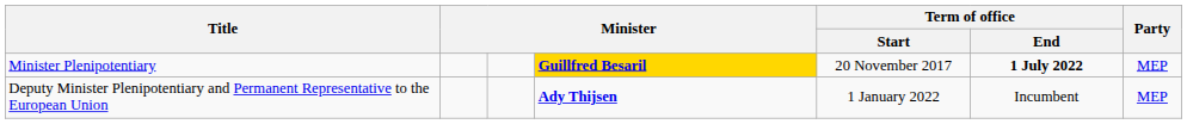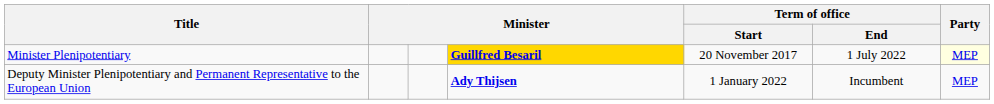 <table class="wikitable sortable" style="text-align:left">
 <tr>
 <th rowspan="2" width="37%">Title</th>
 <th colspan="3" rowspan="2">Minister</th>
 <th colspan="2">Term of office</th>
 <th rowspan="2" width="5%">Party</th>
 </tr>
 <tr>
 <th width="13%" data-sort-type=date>Start</th>
 <th width="13%" data-sort-type=date>End</th>
 </tr>
 <tr>
 <td><a href='#'>Minister Plenipotentiary</a></td>
 <td style="background:"></td>
 <td></td>
 <td width="24%" style="background: gold;"><strong><a href='#'>Guillfred Besaril</a></strong></td>
 <td style="text-align:center">20 November 2017</td>
-<td style="text-align:center"><strong>1 July 2022</strong></td>
-<td style="text-align:center"><a href='#'>MEP</a></td>
+<td style="text-align:center">1 July 2022</td>
+<td style="background: lightyellow; text-align:center"><a href='#'>MEP</a></td>
 </tr>
 <tr>
 <td>Deputy Minister Plenipotentiary and <a href='#'>Permanent Representative</a> to the <a href='#'>European Union</a></td>
 <td style="background:"></td>
 <td></td>
 <td><strong><a href='#'>Ady Thijsen</a></strong></td>
 <td style="text-align:center">1 January 2022</td>
 <td style="text-align:center">Incumbent</td>
 <td style="text-align:center"><a href='#'>MEP</a></td>
 </tr>
 </table>
